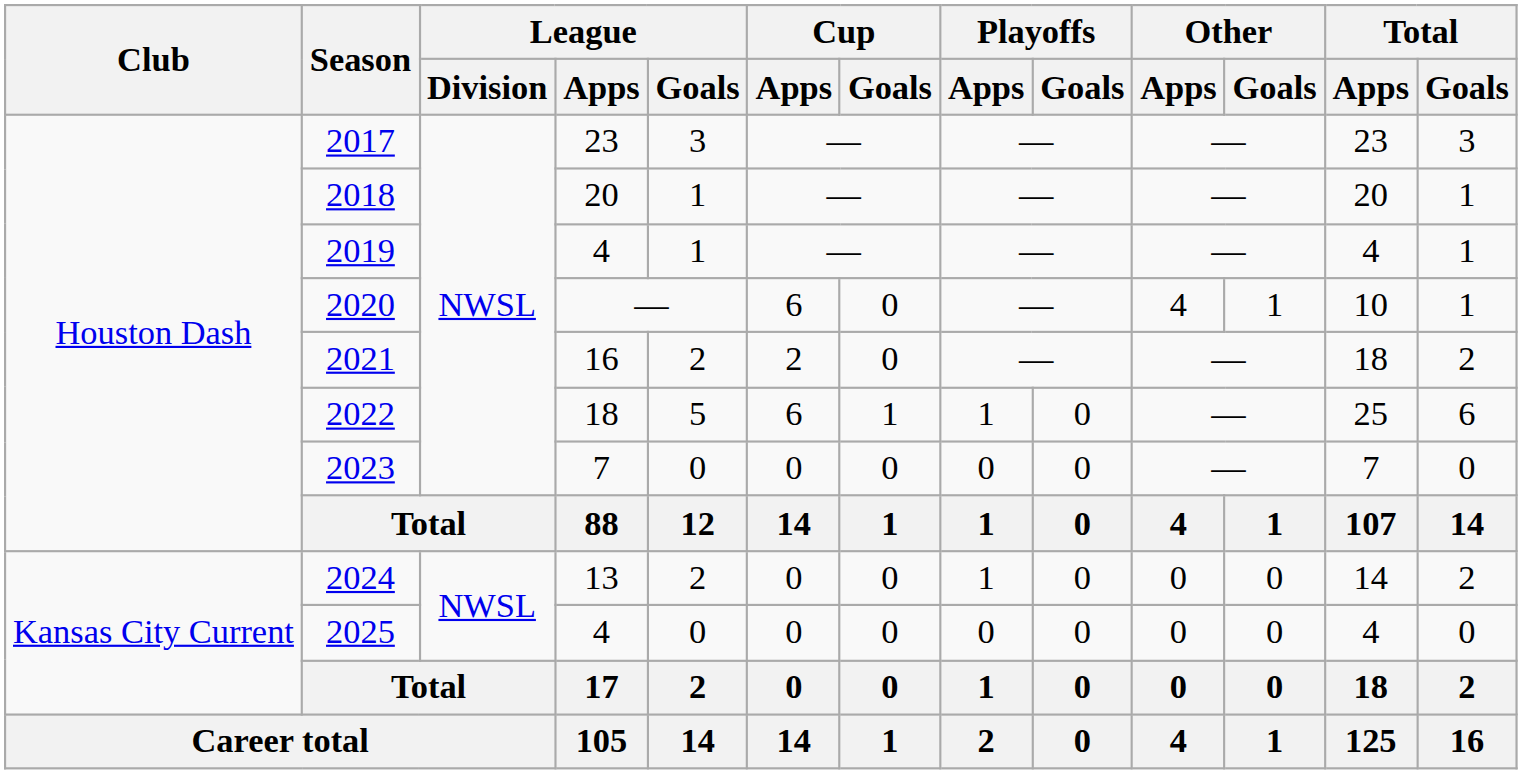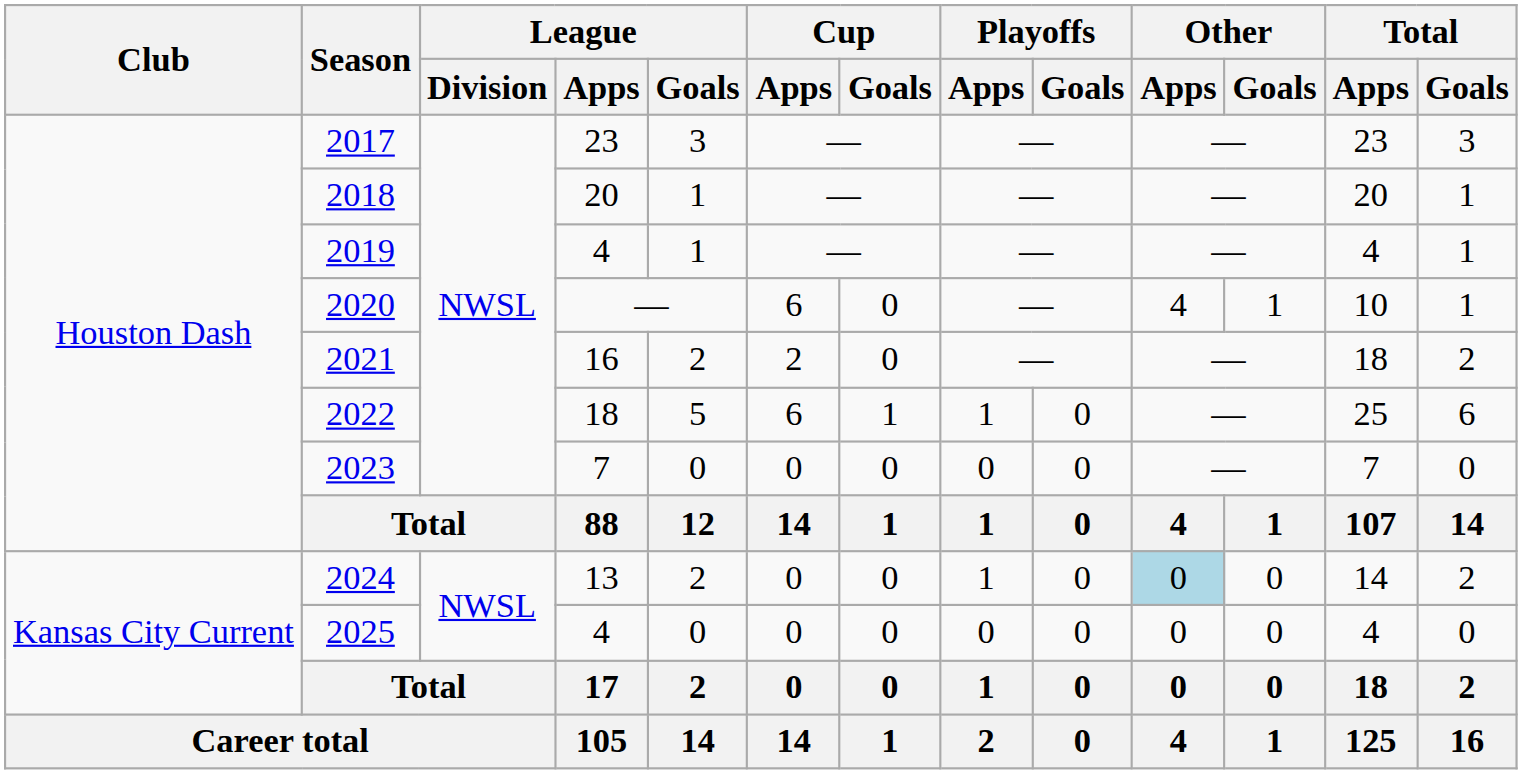 <table class="wikitable" style="text-align: center;">
 <tr>
 <th rowspan="2">Club</th>
 <th rowspan="2">Season</th>
 <th colspan="3">League</th>
 <th colspan="2">Cup</th>
 <th colspan="2">Playoffs</th>
 <th colspan="2">Other</th>
 <th colspan="2">Total</th>
 </tr>
 <tr>
 <th>Division</th>
 <th>Apps</th>
 <th>Goals</th>
 <th>Apps</th>
 <th>Goals</th>
 <th>Apps</th>
 <th>Goals</th>
 <th>Apps</th>
 <th>Goals</th>
 <th>Apps</th>
 <th>Goals</th>
 </tr>
 <tr>
 <td rowspan="8"><a href='#'>Houston Dash</a></td>
 <td><a href='#'>2017</a></td>
 <td rowspan="7"><a href='#'>NWSL</a></td>
 <td>23</td>
 <td>3</td>
 <td colspan="2">—</td>
 <td colspan="2">—</td>
 <td colspan="2">—</td>
 <td>23</td>
 <td>3</td>
 </tr>
 <tr>
 <td><a href='#'>2018</a></td>
 <td>20</td>
 <td>1</td>
 <td colspan="2">—</td>
 <td colspan="2">—</td>
 <td colspan="2">—</td>
 <td>20</td>
 <td>1</td>
 </tr>
 <tr>
 <td><a href='#'>2019</a></td>
 <td>4</td>
 <td>1</td>
 <td colspan="2">—</td>
 <td colspan="2">—</td>
 <td colspan="2">—</td>
 <td>4</td>
 <td>1</td>
 </tr>
 <tr>
 <td><a href='#'>2020</a></td>
 <td colspan="2">—</td>
 <td>6</td>
 <td>0</td>
 <td colspan="2">—</td>
 <td>4</td>
 <td>1</td>
 <td>10</td>
 <td>1</td>
 </tr>
 <tr>
 <td><a href='#'>2021</a></td>
 <td>16</td>
 <td>2</td>
 <td>2</td>
 <td>0</td>
 <td colspan="2">—</td>
 <td colspan="2">—</td>
 <td>18</td>
 <td>2</td>
 </tr>
 <tr>
 <td><a href='#'>2022</a></td>
 <td>18</td>
 <td>5</td>
 <td>6</td>
 <td>1</td>
 <td>1</td>
 <td>0</td>
 <td colspan="2">—</td>
 <td>25</td>
 <td>6</td>
 </tr>
 <tr>
 <td><a href='#'>2023</a></td>
 <td>7</td>
 <td>0</td>
 <td>0</td>
 <td>0</td>
 <td>0</td>
 <td>0</td>
 <td colspan="2">—</td>
 <td>7</td>
 <td>0</td>
 </tr>
 <tr>
 <th colspan="2">Total</th>
 <th>88</th>
 <th>12</th>
 <th>14</th>
 <th>1</th>
 <th>1</th>
 <th>0</th>
 <th>4</th>
 <th>1</th>
 <th>107</th>
 <th>14</th>
 </tr>
 <tr>
 <td rowspan="3"><a href='#'>Kansas City Current</a></td>
 <td><a href='#'>2024</a></td>
 <td rowspan="2"><a href='#'>NWSL</a></td>
 <td>13</td>
 <td>2</td>
 <td>0</td>
 <td>0</td>
 <td>1</td>
 <td>0</td>
-<td>0</td>
+<td style="background: lightblue;">0</td>
 <td>0</td>
 <td>14</td>
 <td>2</td>
 </tr>
 <tr>
 <td><a href='#'>2025</a></td>
 <td>4</td>
 <td>0</td>
 <td>0</td>
 <td>0</td>
 <td>0</td>
 <td>0</td>
 <td>0</td>
 <td>0</td>
 <td>4</td>
 <td>0</td>
 </tr>
 <tr>
 <th colspan="2">Total</th>
 <th>17</th>
 <th>2</th>
 <th>0</th>
 <th>0</th>
 <th>1</th>
 <th>0</th>
 <th>0</th>
 <th>0</th>
 <th>18</th>
 <th>2</th>
 </tr>
 <tr>
 <th colspan="3">Career total</th>
 <th>105</th>
 <th>14</th>
 <th>14</th>
 <th>1</th>
 <th>2</th>
 <th>0</th>
 <th>4</th>
 <th>1</th>
 <th>125</th>
 <th>16</th>
 </tr>
 </table>
